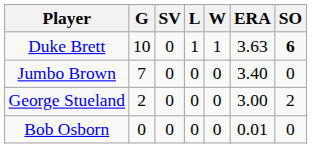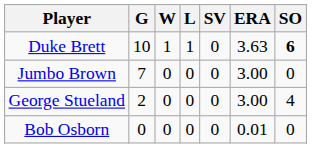 <table class="wikitable sortable" style="text-align:center;">
 <tr>
 <th>Player</th>
 <th>G</th>
+<th>W</th>
+<th>L</th>
 <th>SV</th>
-<th>L</th>
-<th>W</th>
 <th>ERA</th>
 <th>SO</th>
 </tr>
 <tr>
 <td><a href='#'>Duke Brett</a></td>
 <td>10</td>
-<td>0</td>
 <td>1</td>
 <td>1</td>
+<td>0</td>
 <td>3.63</td>
 <td><strong>6</strong></td>
 </tr>
 <tr>
 <td><a href='#'>Jumbo Brown</a></td>
 <td>7</td>
 <td>0</td>
 <td>0</td>
 <td>0</td>
-<td>3.40</td>
+<td>3.00</td>
 <td>0</td>
 </tr>
 <tr>
 <td><a href='#'>George Stueland</a></td>
 <td>2</td>
 <td>0</td>
 <td>0</td>
 <td>0</td>
 <td>3.00</td>
-<td>2</td>
+<td>4</td>
 </tr>
 <tr>
 <td><a href='#'>Bob Osborn</a></td>
 <td>0</td>
 <td>0</td>
 <td>0</td>
 <td>0</td>
 <td>0.01</td>
 <td>0</td>
 </tr>
 </table>
